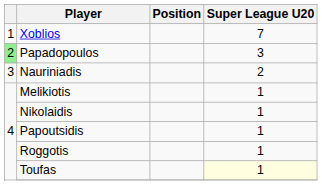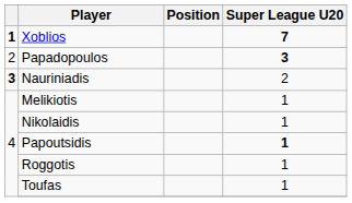 <table class="wikitable">
 <tr>
 <th></th>
 <th style="width:165px;">Player</th>
 <th>Position</th>
 <th>Super League U20</th>
 </tr>
 <tr>
-<td rowspan="1">1</td>
+<td rowspan="1"><strong>1</strong></td>
 <td> <a href='#'>Xoblios</a></td>
 <td align=center></td>
-<td align=center>7</td>
+<td align=center><strong>7</strong></td>
 </tr>
 <tr>
-<td rowspan="1" style="background: lightgreen;">2</td>
+<td rowspan="1">2</td>
 <td> Papadopoulos</td>
 <td align=center></td>
-<td align=center>3</td>
+<td align=center><strong>3</strong></td>
 </tr>
 <tr>
-<td rowspan="1">3</td>
+<td rowspan="1"><strong>3</strong></td>
 <td> Nauriniadis</td>
 <td align=center></td>
 <td align=center>2</td>
 </tr>
 <tr>
 <td rowspan="6">4</td>
 <td> Melikiotis</td>
 <td align=center></td>
 <td align=center>1</td>
 </tr>
 <tr>
 <td> Nikolaidis</td>
 <td align=center></td>
 <td align=center>1</td>
 </tr>
 <tr>
 <td> Papoutsidis</td>
 <td align=center></td>
-<td align=center>1</td>
+<td align=center><strong>1</strong></td>
 </tr>
 <tr>
 <td> Roggotis</td>
 <td align=center></td>
 <td align=center>1</td>
 </tr>
 <tr>
 <td> Toufas</td>
 <td align=center></td>
-<td align=center style="background: lightyellow;">1</td>
+<td align=center>1</td>
 </tr>
 <tr>
 </tr>
 </table>
